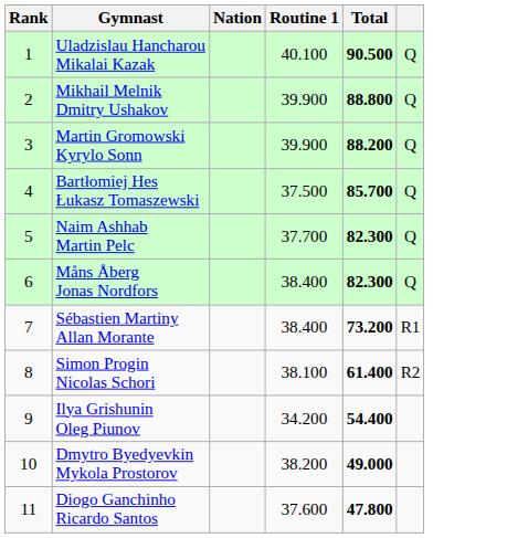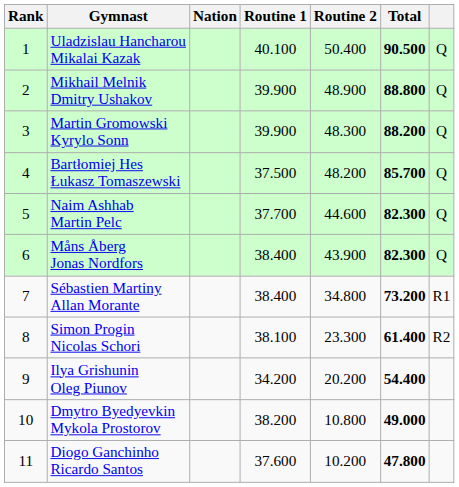 <table class="wikitable sortable" style="text-align:center">
 <tr>
 <th>Rank</th>
 <th>Gymnast</th>
 <th>Nation</th>
 <th>Routine 1</th>
+<th>Routine 2</th>
 <th>Total</th>
 <th></th>
 </tr>
 <tr bgcolor=ccffcc>
 <td>1</td>
 <td align=left><a href='#'>Uladzislau Hancharou</a><br><a href='#'>Mikalai Kazak</a></td>
 <td align=left></td>
 <td>40.100</td>
+<td>50.400</td>
 <td><strong>90.500</strong></td>
 <td>Q</td>
 </tr>
 <tr bgcolor=ccffcc>
 <td>2</td>
 <td align=left><a href='#'>Mikhail Melnik</a><br><a href='#'>Dmitry Ushakov</a></td>
 <td align=left></td>
 <td>39.900</td>
+<td>48.900</td>
 <td><strong>88.800</strong></td>
 <td>Q</td>
 </tr>
 <tr bgcolor=ccffcc>
 <td>3</td>
 <td align=left><a href='#'>Martin Gromowski</a><br><a href='#'>Kyrylo Sonn</a></td>
 <td align=left></td>
 <td>39.900</td>
+<td>48.300</td>
 <td><strong>88.200</strong></td>
 <td>Q</td>
 </tr>
 <tr bgcolor=ccffcc>
 <td>4</td>
 <td align=left><a href='#'>Bartłomiej Hes</a><br><a href='#'>Łukasz Tomaszewski</a></td>
 <td align=left></td>
 <td>37.500</td>
+<td>48.200</td>
 <td><strong>85.700</strong></td>
 <td>Q</td>
 </tr>
 <tr bgcolor=ccffcc>
 <td>5</td>
 <td align=left><a href='#'>Naim Ashhab</a><br><a href='#'>Martin Pelc</a></td>
 <td align=left></td>
 <td>37.700</td>
+<td>44.600</td>
 <td><strong>82.300</strong></td>
 <td>Q</td>
 </tr>
 <tr bgcolor=ccffcc>
 <td>6</td>
 <td align=left><a href='#'>Måns Åberg</a><br><a href='#'>Jonas Nordfors</a></td>
 <td align=left></td>
 <td>38.400</td>
+<td>43.900</td>
 <td><strong>82.300</strong></td>
 <td>Q</td>
 </tr>
 <tr>
 <td>7</td>
 <td align=left><a href='#'>Sébastien Martiny</a><br><a href='#'>Allan Morante</a></td>
 <td align=left></td>
 <td>38.400</td>
+<td>34.800</td>
 <td><strong>73.200</strong></td>
 <td>R1</td>
 </tr>
 <tr>
 <td>8</td>
 <td align=left><a href='#'>Simon Progin</a><br><a href='#'>Nicolas Schori</a></td>
 <td align=left></td>
 <td>38.100</td>
+<td>23.300</td>
 <td><strong>61.400</strong></td>
 <td>R2</td>
 </tr>
 <tr>
 <td>9</td>
 <td align=left><a href='#'>Ilya Grishunin</a><br><a href='#'>Oleg Piunov</a></td>
 <td align=left></td>
 <td>34.200</td>
+<td>20.200</td>
 <td><strong>54.400</strong></td>
 <td></td>
 </tr>
 <tr>
 <td>10</td>
 <td align=left><a href='#'>Dmytro Byedyevkin</a><br><a href='#'>Mykola Prostorov</a></td>
 <td align=left></td>
 <td>38.200</td>
+<td>10.800</td>
 <td><strong>49.000</strong></td>
 <td></td>
 </tr>
 <tr>
 <td>11</td>
 <td align=left><a href='#'>Diogo Ganchinho</a><br><a href='#'>Ricardo Santos</a></td>
 <td align=left></td>
 <td>37.600</td>
+<td>10.200</td>
 <td><strong>47.800</strong></td>
 <td></td>
 </tr>
 </table>
